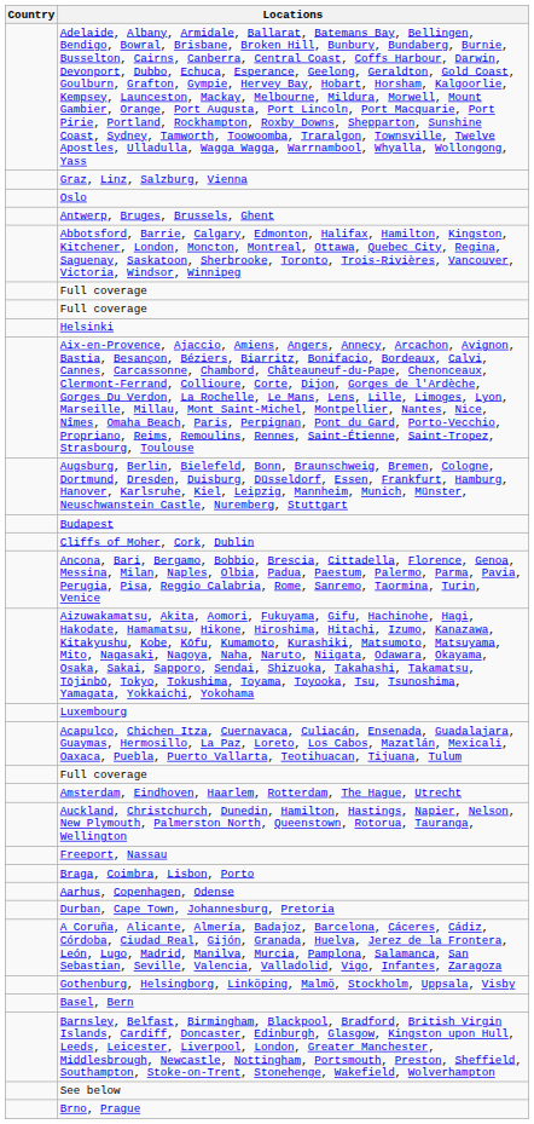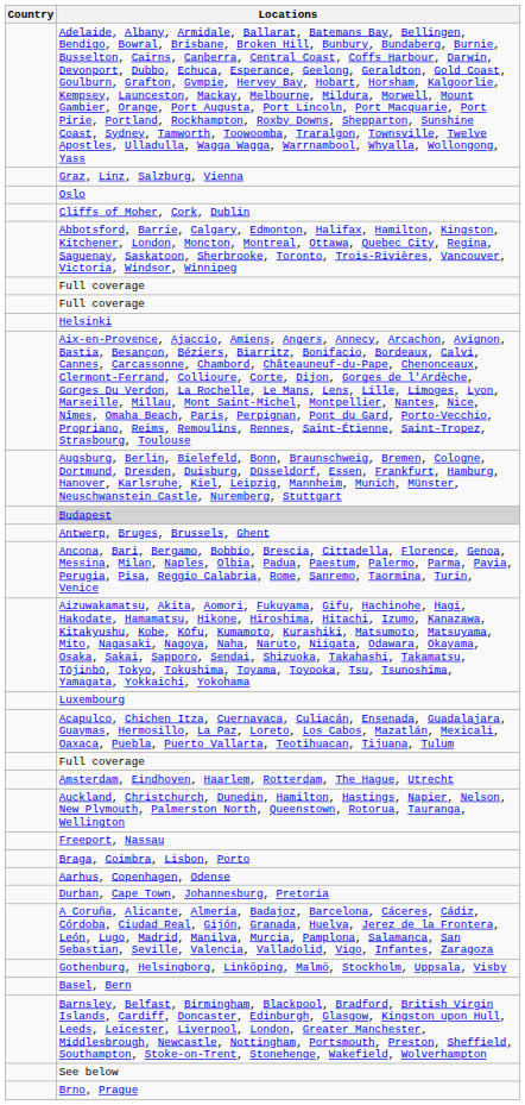 <table class=wikitable>
 <tr>
 <th>Country</th>
 <th>Locations</th>
 </tr>
 <tr>
 <td></td>
 <td><a href='#'>Adelaide</a>, <a href='#'>Albany</a>, <a href='#'>Armidale</a>, <a href='#'>Ballarat</a>, <a href='#'>Batemans Bay</a>, <a href='#'>Bellingen</a>, <a href='#'>Bendigo</a>, <a href='#'>Bowral</a>, <a href='#'>Brisbane</a>, <a href='#'>Broken Hill</a>, <a href='#'>Bunbury</a>, <a href='#'>Bundaberg</a>, <a href='#'>Burnie</a>, <a href='#'>Busselton</a>, <a href='#'>Cairns</a>, <a href='#'>Canberra</a>, <a href='#'>Central Coast</a>, <a href='#'>Coffs Harbour</a>, <a href='#'>Darwin</a>, <a href='#'>Devonport</a>, <a href='#'>Dubbo</a>, <a href='#'>Echuca</a>, <a href='#'>Esperance</a>, <a href='#'>Geelong</a>, <a href='#'>Geraldton</a>, <a href='#'>Gold Coast</a>, <a href='#'>Goulburn</a>, <a href='#'>Grafton</a>, <a href='#'>Gympie</a>, <a href='#'>Hervey Bay</a>, <a href='#'>Hobart</a>, <a href='#'>Horsham</a>, <a href='#'>Kalgoorlie</a>, <a href='#'>Kempsey</a>, <a href='#'>Launceston</a>, <a href='#'>Mackay</a>, <a href='#'>Melbourne</a>, <a href='#'>Mildura</a>, <a href='#'>Morwell</a>, <a href='#'>Mount Gambier</a>, <a href='#'>Orange</a>, <a href='#'>Port Augusta</a>, <a href='#'>Port Lincoln</a>, <a href='#'>Port Macquarie</a>, <a href='#'>Port Pirie</a>, <a href='#'>Portland</a>, <a href='#'>Rockhampton</a>, <a href='#'>Roxby Downs</a>, <a href='#'>Shepparton</a>, <a href='#'>Sunshine Coast</a>, <a href='#'>Sydney</a>, <a href='#'>Tamworth</a>, <a href='#'>Toowoomba</a>, <a href='#'>Traralgon</a>, <a href='#'>Townsville</a>, <a href='#'>Twelve Apostles</a>, <a href='#'>Ulladulla</a>, <a href='#'>Wagga Wagga</a>, <a href='#'>Warrnambool</a>, <a href='#'>Whyalla</a>, <a href='#'>Wollongong</a>, <a href='#'>Yass</a></td>
 </tr>
 <tr>
 <td></td>
 <td><a href='#'>Graz</a>, <a href='#'>Linz</a>, <a href='#'>Salzburg</a>, <a href='#'>Vienna</a></td>
 </tr>
 <tr>
 <td></td>
 <td><a href='#'>Oslo</a></td>
 </tr>
 <tr>
 <td></td>
-<td><a href='#'>Antwerp</a>, <a href='#'>Bruges</a>, <a href='#'>Brussels</a>, <a href='#'>Ghent</a></td>
+<td><a href='#'>Cliffs of Moher</a>, <a href='#'>Cork</a>, <a href='#'>Dublin</a></td>
 </tr>
 <tr>
 <td></td>
 <td><a href='#'>Abbotsford</a>, <a href='#'>Barrie</a>, <a href='#'>Calgary</a>, <a href='#'>Edmonton</a>, <a href='#'>Halifax</a>, <a href='#'>Hamilton</a>, <a href='#'>Kingston</a>, <a href='#'>Kitchener</a>, <a href='#'>London</a>, <a href='#'>Moncton</a>, <a href='#'>Montreal</a>, <a href='#'>Ottawa</a>, <a href='#'>Quebec City</a>, <a href='#'>Regina</a>, <a href='#'>Saguenay</a>, <a href='#'>Saskatoon</a>, <a href='#'>Sherbrooke</a>, <a href='#'>Toronto</a>, <a href='#'>Trois-Rivières</a>, <a href='#'>Vancouver</a>, <a href='#'>Victoria</a>, <a href='#'>Windsor</a>, <a href='#'>Winnipeg</a></td>
 </tr>
 <tr>
 <td></td>
 <td>Full coverage</td>
 </tr>
 <tr>
 <td></td>
 <td>Full coverage</td>
 </tr>
 <tr>
 <td></td>
 <td><a href='#'>Helsinki</a></td>
 </tr>
 <tr>
 <td></td>
 <td><a href='#'>Aix-en-Provence</a>, <a href='#'>Ajaccio</a>, <a href='#'>Amiens</a>, <a href='#'>Angers</a>, <a href='#'>Annecy</a>, <a href='#'>Arcachon</a>, <a href='#'>Avignon</a>, <a href='#'>Bastia</a>, <a href='#'>Besançon</a>, <a href='#'>Béziers</a>, <a href='#'>Biarritz</a>, <a href='#'>Bonifacio</a>, <a href='#'>Bordeaux</a>, <a href='#'>Calvi</a>, <a href='#'>Cannes</a>, <a href='#'>Carcassonne</a>, <a href='#'>Chambord</a>, <a href='#'>Châteauneuf-du-Pape</a>, <a href='#'>Chenonceaux</a>, <a href='#'>Clermont-Ferrand</a>, <a href='#'>Collioure</a>, <a href='#'>Corte</a>, <a href='#'>Dijon</a>, <a href='#'>Gorges de l'Ardèche</a>, <a href='#'>Gorges Du Verdon</a>, <a href='#'>La Rochelle</a>, <a href='#'>Le Mans</a>, <a href='#'>Lens</a>, <a href='#'>Lille</a>, <a href='#'>Limoges</a>, <a href='#'>Lyon</a>, <a href='#'>Marseille</a>, <a href='#'>Millau</a>, <a href='#'>Mont Saint-Michel</a>, <a href='#'>Montpellier</a>, <a href='#'>Nantes</a>, <a href='#'>Nice</a>, <a href='#'>Nîmes</a>, <a href='#'>Omaha Beach</a>, <a href='#'>Paris</a>, <a href='#'>Perpignan</a>, <a href='#'>Pont du Gard</a>, <a href='#'>Porto-Vecchio</a>, <a href='#'>Propriano</a>, <a href='#'>Reims</a>, <a href='#'>Remoulins</a>, <a href='#'>Rennes</a>, <a href='#'>Saint-Étienne</a>, <a href='#'>Saint-Tropez</a>, <a href='#'>Strasbourg</a>, <a href='#'>Toulouse</a></td>
 </tr>
 <tr>
 <td></td>
 <td><a href='#'>Augsburg</a>, <a href='#'>Berlin</a>, <a href='#'>Bielefeld</a>, <a href='#'>Bonn</a>, <a href='#'>Braunschweig</a>, <a href='#'>Bremen</a>, <a href='#'>Cologne</a>, <a href='#'>Dortmund</a>, <a href='#'>Dresden</a>, <a href='#'>Duisburg</a>, <a href='#'>Düsseldorf</a>, <a href='#'>Essen</a>, <a href='#'>Frankfurt</a>, <a href='#'>Hamburg</a>, <a href='#'>Hanover</a>, <a href='#'>Karlsruhe</a>, <a href='#'>Kiel</a>, <a href='#'>Leipzig</a>, <a href='#'>Mannheim</a>, <a href='#'>Munich</a>, <a href='#'>Münster</a>, <a href='#'>Neuschwanstein Castle</a>, <a href='#'>Nuremberg</a>, <a href='#'>Stuttgart</a></td>
 </tr>
 <tr>
 <td></td>
-<td><a href='#'>Budapest</a></td>
+<td style="background: lightgrey;"><a href='#'>Budapest</a></td>
 </tr>
 <tr>
 <td></td>
-<td><a href='#'>Cliffs of Moher</a>, <a href='#'>Cork</a>, <a href='#'>Dublin</a></td>
+<td><a href='#'>Antwerp</a>, <a href='#'>Bruges</a>, <a href='#'>Brussels</a>, <a href='#'>Ghent</a></td>
 </tr>
 <tr>
 <td></td>
 <td><a href='#'>Ancona</a>, <a href='#'>Bari</a>, <a href='#'>Bergamo</a>, <a href='#'>Bobbio</a>, <a href='#'>Brescia</a>, <a href='#'>Cittadella</a>, <a href='#'>Florence</a>, <a href='#'>Genoa</a>, <a href='#'>Messina</a>, <a href='#'>Milan</a>, <a href='#'>Naples</a>, <a href='#'>Olbia</a>, <a href='#'>Padua</a>, <a href='#'>Paestum</a>, <a href='#'>Palermo</a>, <a href='#'>Parma</a>, <a href='#'>Pavia</a>, <a href='#'>Perugia</a>, <a href='#'>Pisa</a>, <a href='#'>Reggio Calabria</a>, <a href='#'>Rome</a>, <a href='#'>Sanremo</a>, <a href='#'>Taormina</a>, <a href='#'>Turin</a>, <a href='#'>Venice</a></td>
 </tr>
 <tr>
 <td></td>
 <td><a href='#'>Aizuwakamatsu</a>, <a href='#'>Akita</a>, <a href='#'>Aomori</a>, <a href='#'>Fukuyama</a>, <a href='#'>Gifu</a>, <a href='#'>Hachinohe</a>, <a href='#'>Hagi</a>, <a href='#'>Hakodate</a>, <a href='#'>Hamamatsu</a>, <a href='#'>Hikone</a>, <a href='#'>Hiroshima</a>, <a href='#'>Hitachi</a>, <a href='#'>Izumo</a>, <a href='#'>Kanazawa</a>, <a href='#'>Kitakyushu</a>, <a href='#'>Kobe</a>, <a href='#'>Kōfu</a>, <a href='#'>Kumamoto</a>, <a href='#'>Kurashiki</a>, <a href='#'>Matsumoto</a>, <a href='#'>Matsuyama</a>, <a href='#'>Mito</a>, <a href='#'>Nagasaki</a>, <a href='#'>Nagoya</a>, <a href='#'>Naha</a>, <a href='#'>Naruto</a>, <a href='#'>Niigata</a>, <a href='#'>Odawara</a>, <a href='#'>Okayama</a>, <a href='#'>Osaka</a>, <a href='#'>Sakai</a>, <a href='#'>Sapporo</a>, <a href='#'>Sendai</a>, <a href='#'>Shizuoka</a>, <a href='#'>Takahashi</a>, <a href='#'>Takamatsu</a>, <a href='#'>Tōjinbō</a>, <a href='#'>Tokyo</a>, <a href='#'>Tokushima</a>, <a href='#'>Toyama</a>, <a href='#'>Toyooka</a>, <a href='#'>Tsu</a>, <a href='#'>Tsunoshima</a>, <a href='#'>Yamagata</a>, <a href='#'>Yokkaichi</a>, <a href='#'>Yokohama</a></td>
 </tr>
 <tr>
 <td></td>
 <td><a href='#'>Luxembourg</a></td>
 </tr>
 <tr>
 <td></td>
 <td><a href='#'>Acapulco</a>, <a href='#'>Chichen Itza</a>, <a href='#'>Cuernavaca</a>, <a href='#'>Culiacán</a>, <a href='#'>Ensenada</a>, <a href='#'>Guadalajara</a>, <a href='#'>Guaymas</a>, <a href='#'>Hermosillo</a>, <a href='#'>La Paz</a>, <a href='#'>Loreto</a>, <a href='#'>Los Cabos</a>, <a href='#'>Mazatlán</a>, <a href='#'>Mexicali</a>, <a href='#'>Oaxaca</a>, <a href='#'>Puebla</a>, <a href='#'>Puerto Vallarta</a>, <a href='#'>Teotihuacan</a>, <a href='#'>Tijuana</a>, <a href='#'>Tulum</a></td>
 </tr>
 <tr>
 <td></td>
 <td>Full coverage</td>
 </tr>
 <tr>
 <td></td>
 <td><a href='#'>Amsterdam</a>, <a href='#'>Eindhoven</a>, <a href='#'>Haarlem</a>, <a href='#'>Rotterdam</a>, <a href='#'>The Hague</a>, <a href='#'>Utrecht</a></td>
 </tr>
 <tr>
 <td></td>
 <td><a href='#'>Auckland</a>, <a href='#'>Christchurch</a>, <a href='#'>Dunedin</a>, <a href='#'>Hamilton</a>, <a href='#'>Hastings</a>, <a href='#'>Napier</a>, <a href='#'>Nelson</a>, <a href='#'>New Plymouth</a>, <a href='#'>Palmerston North</a>, <a href='#'>Queenstown</a>, <a href='#'>Rotorua</a>, <a href='#'>Tauranga</a>, <a href='#'>Wellington</a></td>
 </tr>
 <tr>
 <td></td>
 <td><a href='#'>Freeport</a>, <a href='#'>Nassau</a></td>
 </tr>
 <tr>
 <td></td>
 <td><a href='#'>Braga</a>, <a href='#'>Coimbra</a>, <a href='#'>Lisbon</a>, <a href='#'>Porto</a></td>
 </tr>
 <tr>
 <td></td>
 <td><a href='#'>Aarhus</a>, <a href='#'>Copenhagen</a>, <a href='#'>Odense</a></td>
 </tr>
 <tr>
 <td></td>
 <td><a href='#'>Durban</a>, <a href='#'>Cape Town</a>, <a href='#'>Johannesburg</a>, <a href='#'>Pretoria</a></td>
 </tr>
 <tr>
 <td></td>
 <td><a href='#'>A Coruña</a>, <a href='#'>Alicante</a>, <a href='#'>Almería</a>, <a href='#'>Badajoz</a>, <a href='#'>Barcelona</a>, <a href='#'>Cáceres</a>, <a href='#'>Cádiz</a>, <a href='#'>Córdoba</a>, <a href='#'>Ciudad Real</a>, <a href='#'>Gijón</a>, <a href='#'>Granada</a>, <a href='#'>Huelva</a>, <a href='#'>Jerez de la Frontera</a>, <a href='#'>León</a>, <a href='#'>Lugo</a>, <a href='#'>Madrid</a>, <a href='#'>Manilva</a>, <a href='#'>Murcia</a>, <a href='#'>Pamplona</a>, <a href='#'>Salamanca</a>, <a href='#'>San Sebastian</a>, <a href='#'>Seville</a>, <a href='#'>Valencia</a>, <a href='#'>Valladolid</a>, <a href='#'>Vigo</a>, <a href='#'>Infantes</a>, <a href='#'>Zaragoza</a></td>
 </tr>
 <tr>
 <td></td>
 <td><a href='#'>Gothenburg</a>, <a href='#'>Helsingborg</a>, <a href='#'>Linköping</a>, <a href='#'>Malmö</a>, <a href='#'>Stockholm</a>, <a href='#'>Uppsala</a>, <a href='#'>Visby</a></td>
 </tr>
 <tr>
 <td></td>
 <td><a href='#'>Basel</a>, <a href='#'>Bern</a></td>
 </tr>
 <tr>
 <td></td>
 <td><a href='#'>Barnsley</a>, <a href='#'>Belfast</a>, <a href='#'>Birmingham</a>, <a href='#'>Blackpool</a>, <a href='#'>Bradford</a>, <a href='#'>British Virgin Islands</a>, <a href='#'>Cardiff</a>, <a href='#'>Doncaster</a>, <a href='#'>Edinburgh</a>, <a href='#'>Glasgow</a>, <a href='#'>Kingston upon Hull</a>, <a href='#'>Leeds</a>, <a href='#'>Leicester</a>, <a href='#'>Liverpool</a>, <a href='#'>London</a>, <a href='#'>Greater Manchester</a>, <a href='#'>Middlesbrough</a>, <a href='#'>Newcastle</a>, <a href='#'>Nottingham</a>, <a href='#'>Portsmouth</a>, <a href='#'>Preston</a>, <a href='#'>Sheffield</a>, <a href='#'>Southampton</a>, <a href='#'>Stoke-on-Trent</a>, <a href='#'>Stonehenge</a>, <a href='#'>Wakefield</a>, <a href='#'>Wolverhampton</a></td>
 </tr>
 <tr>
 <td></td>
 <td>See below</td>
 </tr>
 <tr>
 <td></td>
 <td><a href='#'>Brno</a>, <a href='#'>Prague</a></td>
 </tr>
 </table>
